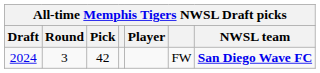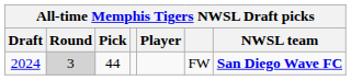 <table class="wikitable sortable" style="text-align: center;">
 <tr>
 <th colspan="7" style="background:#">All-time <a href='#'><span>Memphis Tigers</span></a> NWSL Draft picks</th>
 </tr>
 <tr>
 <th scope="col">Draft</th>
 <th scope="col">Round</th>
 <th scope="col">Pick</th>
 <th scope="col"></th>
 <th scope="col">Player</th>
 <th scope="col"></th>
 <th scope="col">NWSL team</th>
 </tr>
 <tr>
 <td><a href='#'>2024</a></td>
-<td>3</td>
-<td>42</td>
+<td style="background: lightgrey;">3</td>
+<td>44</td>
 <td></td>
 <td></td>
 <td>FW</td>
 <td><strong><a href='#'>San Diego Wave FC</a></strong></td>
 </tr>
 </table>
